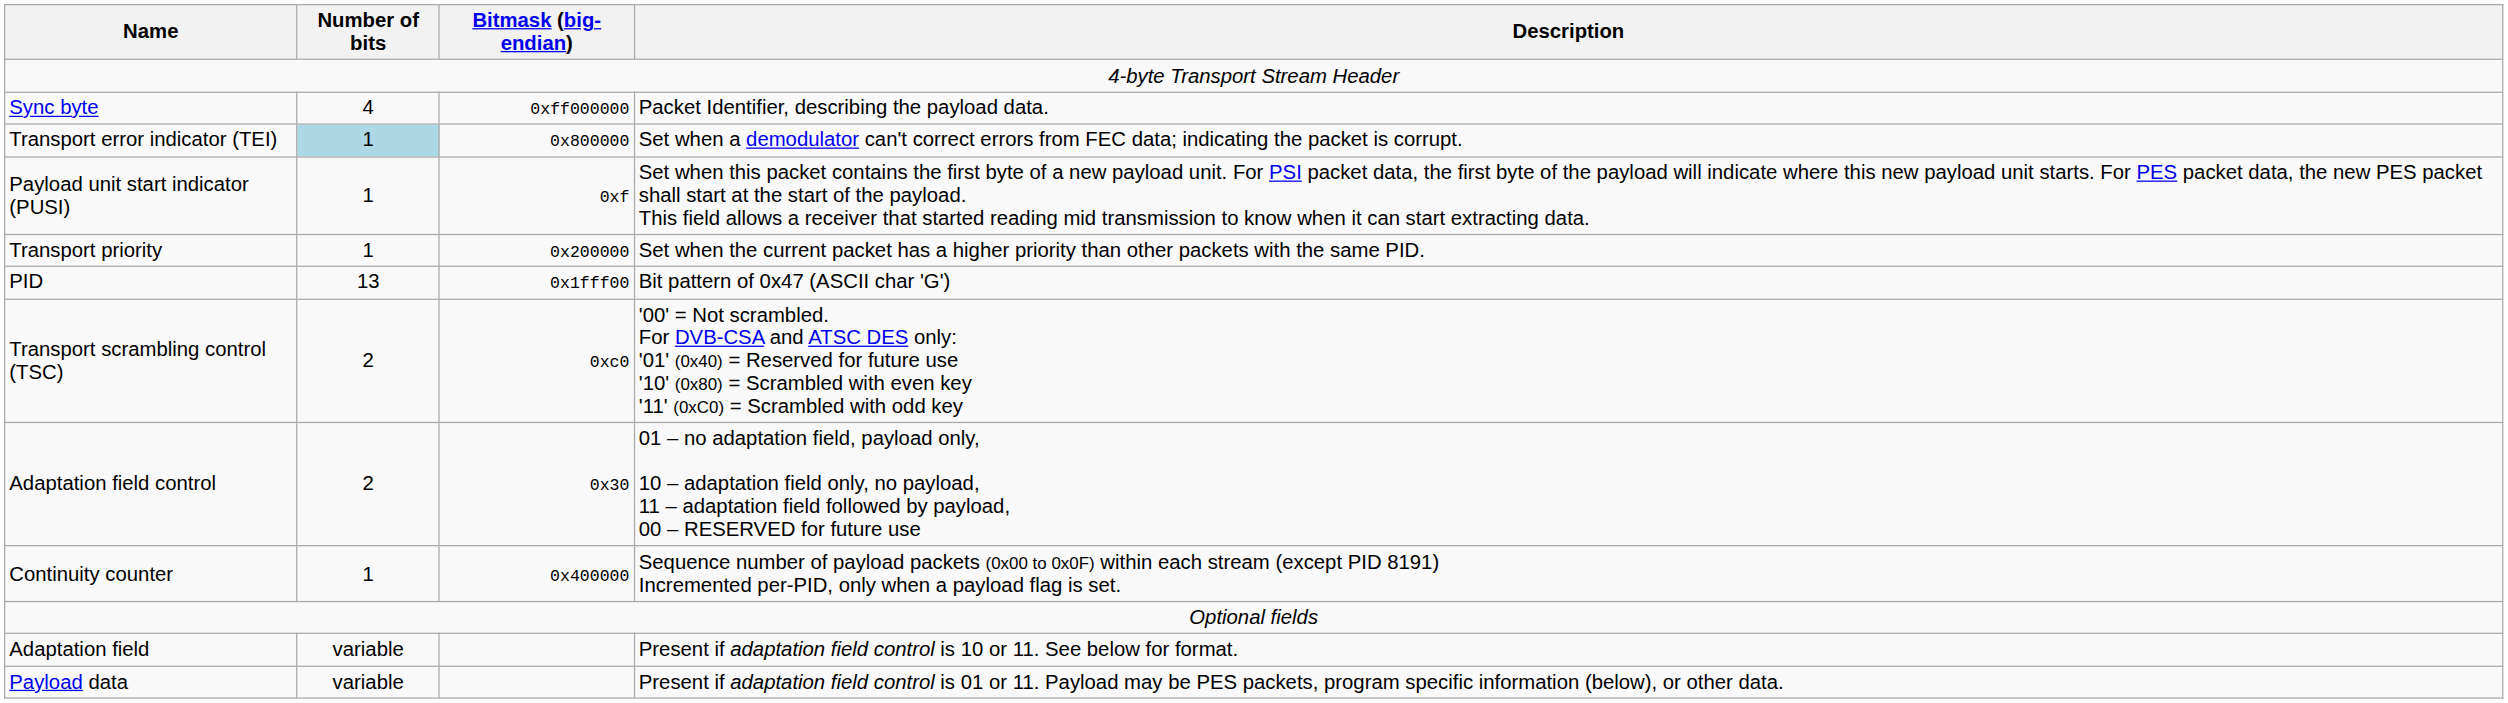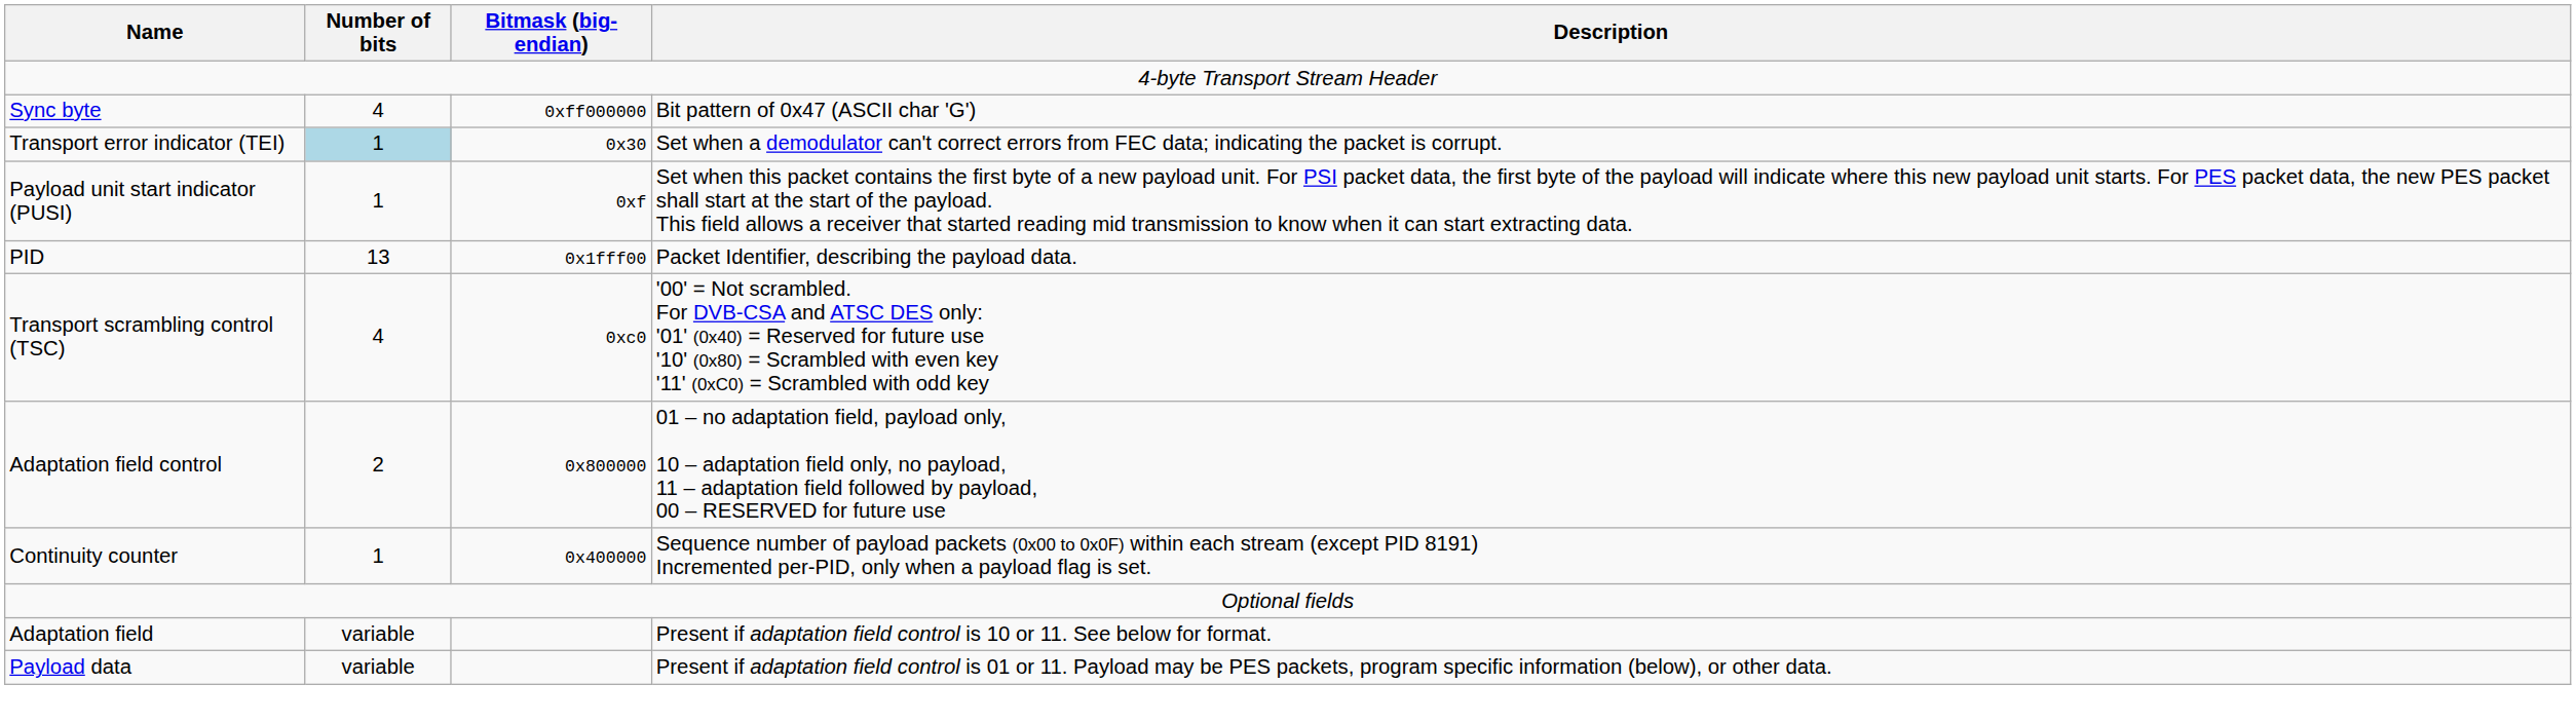 <table class="wikitable">
 <tr>
 <th>Name</th>
 <th>Number of bits</th>
 <th><a href='#'>Bitmask</a> (<a href='#'>big-endian</a>)</th>
 <th>Description</th>
 </tr>
 <tr>
 <td colspan=4 style="text-align: center"><em>4-byte Transport Stream Header</em></td>
 </tr>
 <tr>
 <td><a href='#'>Sync byte</a></td>
 <td style="text-align:center;">4</td>
 <td style="text-align:right;"><code>0xff000000</code></td>
-<td>Packet Identifier, describing the payload data.</td>
+<td>Bit pattern of 0x47 (ASCII char 'G')</td>
 </tr>
 <tr>
 <td>Transport error indicator (TEI)</td>
 <td style="background: lightblue; text-align:center;">1</td>
-<td style="text-align:right;"><code>0x800000</code></td>
+<td style="text-align:right;"><code>0x30</code></td>
 <td>Set when a <a href='#'>demodulator</a> can't correct errors from FEC data; indicating the packet is corrupt.</td>
 </tr>
 <tr>
 <td>Payload unit start indicator (PUSI)</td>
 <td style="text-align:center;">1</td>
 <td style="text-align:right;"><code>0xf</code></td>
 <td>Set when this packet contains the first byte of a new payload unit. For <a href='#'>PSI</a> packet data, the first byte of the payload will indicate where this new payload unit starts. For <a href='#'>PES</a> packet data, the new PES packet shall start at the start of the payload.<br>This field allows a receiver that started reading mid transmission to know when it can start extracting data.</td>
 </tr>
 <tr>
-<td>Transport priority</td>
-<td style="text-align:center;">1</td>
-<td style="text-align:right;"><code>0x200000</code></td>
-<td>Set when the current packet has a higher priority than other packets with the same PID.</td>
-</tr>
-<tr>
 <td>PID</td>
 <td style="text-align:center;">13</td>
 <td style="text-align:right;"><code>0x1fff00</code></td>
-<td>Bit pattern of 0x47 (ASCII char 'G')</td>
+<td>Packet Identifier, describing the payload data.</td>
 </tr>
 <tr>
 <td>Transport scrambling control (TSC)</td>
-<td style="text-align:center;">2</td>
+<td style="text-align:center;">4</td>
 <td style="text-align:right;"><code>0xc0</code></td>
 <td>'00' = Not scrambled.<br>For <a href='#'>DVB-CSA</a> and <a href='#'>ATSC DES</a> only:<br>'01' <small>(0x40)</small> = Reserved for future use<br>'10' <small>(0x80)</small> = Scrambled with even key<br>'11' <small>(0xC0)</small> = Scrambled with odd key</td>
 </tr>
 <tr>
 <td>Adaptation field control</td>
 <td style="text-align:center;">2</td>
-<td style="text-align:right;"><code>0x30</code></td>
+<td style="text-align:right;"><code>0x800000</code></td>
 <td>01 – no adaptation field, payload only, <br><br>10 – adaptation field only, no payload, <br> 11 – adaptation field followed by payload, <br> 00 – RESERVED for future use </td>
 </tr>
 <tr>
 <td>Continuity counter</td>
 <td style="text-align:center;">1</td>
 <td style="text-align:right;"><code>0x400000</code></td>
 <td>Sequence number of payload packets <small>(0x00 to 0x0F)</small> within each stream (except PID 8191)<br>Incremented per-PID, only when a payload flag is set.</td>
 </tr>
 <tr>
 <td colspan=4 style="text-align: center"><em>Optional fields</em></td>
 </tr>
 <tr>
 <td>Adaptation field</td>
 <td style="text-align:center;">variable</td>
 <td></td>
 <td>Present if <em>adaptation field control</em> is 10 or 11. See below for format.</td>
 </tr>
 <tr>
 <td><a href='#'>Payload</a> data</td>
 <td style="text-align:center;">variable</td>
 <td></td>
 <td>Present if <em>adaptation field control</em> is 01 or 11. Payload may be PES packets, program specific information (below), or other data.</td>
 </tr>
 </table>
